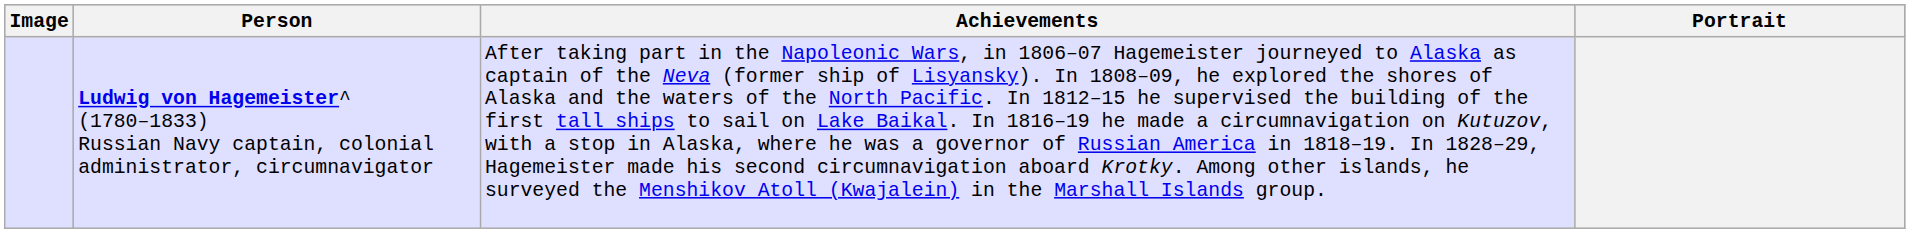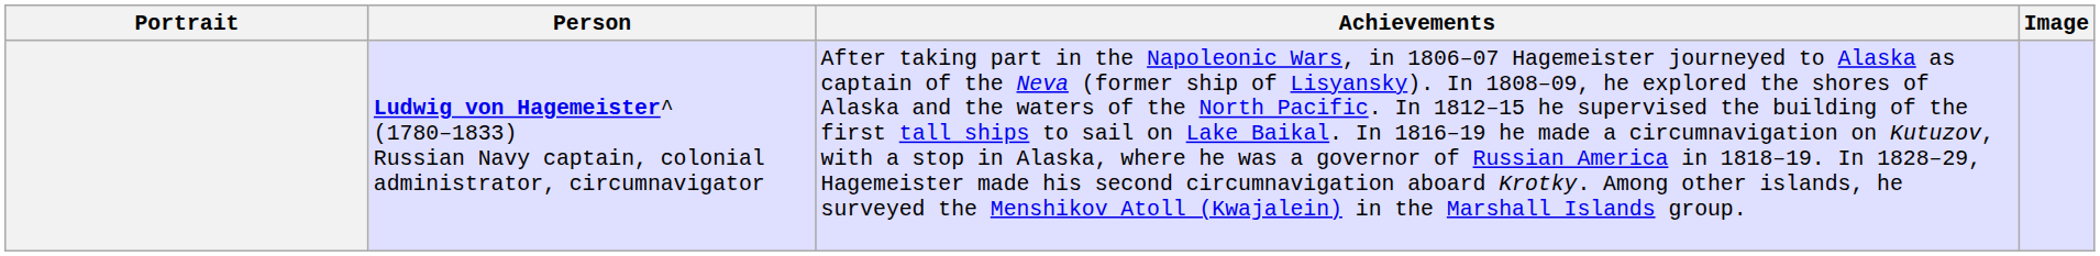 <table class="wikitable">
 <tr style="background:#ccc;">
-<th scope="col">Image</th>
+<th scope="col" width=18%>Portrait</th>
 <th scope="col" width=22%>Person</th>
 <th scope="col" width=60%>Achievements</th>
-<th scope="col" width=18%>Portrait</th>
+<th scope="col">Image</th>
 </tr>
 <tr style="background:#dfdfff;">
-<td align=center></td>
+<th scope="row" align=center></th>
 <td><strong><a href='#'>Ludwig von Hagemeister</a></strong>^<br>(1780–1833)<br>Russian Navy captain, colonial administrator, circumnavigator</td>
 <td>After taking part in the <a href='#'>Napoleonic Wars</a>, in 1806–07 Hagemeister journeyed to <a href='#'>Alaska</a> as captain of the <em><a href='#'>Neva</a></em> (former ship of <a href='#'>Lisyansky</a>). In 1808–09, he explored the shores of Alaska and the waters of the <a href='#'>North Pacific</a>. In 1812–15 he supervised the building of the first <a href='#'>tall ships</a> to sail on <a href='#'>Lake Baikal</a>. In 1816–19 he made a circumnavigation on <em>Kutuzov</em>, with a stop in Alaska, where he was a governor of <a href='#'>Russian America</a> in 1818–19. In 1828–29, Hagemeister made his second circumnavigation aboard <em>Krotky</em>. Among other islands, he surveyed the <a href='#'>Menshikov Atoll (Kwajalein)</a> in the <a href='#'>Marshall Islands</a> group.<br><br></td>
-<th scope="row" align=center></th>
+<td align=center></td>
 </tr>
 </table>
